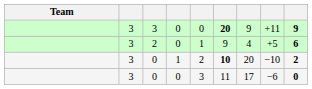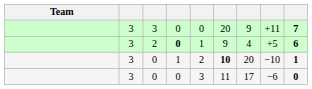 <table class="wikitable" style="text-align:center;">
 <tr>
 <th width=175>Team</th>
 <th width=30></th>
 <th width=30></th>
 <th width=30></th>
 <th width=30></th>
 <th width=30></th>
 <th width=30></th>
 <th width=30></th>
 <th width=30></th>
 </tr>
 <tr align=center style="background:#ccffcc;">
 <td style="text-align:left;"></td>
 <td>3</td>
 <td>3</td>
 <td>0</td>
 <td>0</td>
-<td><strong>20</strong></td>
+<td>20</td>
 <td>9</td>
 <td>+11</td>
-<td><strong>9</strong></td>
+<td><strong>7</strong></td>
 </tr>
 <tr align=center style="background:#ccffcc;">
 <td style="text-align:left;"></td>
 <td>3</td>
 <td>2</td>
-<td>0</td>
+<td><strong>0</strong></td>
 <td>1</td>
 <td>9</td>
 <td>4</td>
 <td>+5</td>
 <td><strong>6</strong></td>
 </tr>
 <tr align=center style="background:#f5f5f5;">
 <td style="text-align:left;"></td>
 <td>3</td>
 <td>0</td>
 <td>1</td>
 <td>2</td>
 <td><strong>10</strong></td>
 <td>20</td>
 <td>−10</td>
-<td><strong>2</strong></td>
+<td><strong>1</strong></td>
 </tr>
 <tr align=center style="background:#f5f5f5;">
 <td style="text-align:left;"></td>
 <td>3</td>
 <td>0</td>
 <td>0</td>
 <td>3</td>
 <td>11</td>
 <td>17</td>
 <td>−6</td>
 <td><strong>0</strong></td>
 </tr>
 </table>
